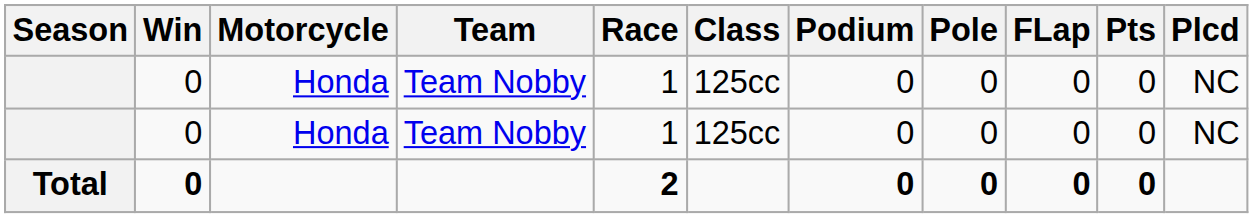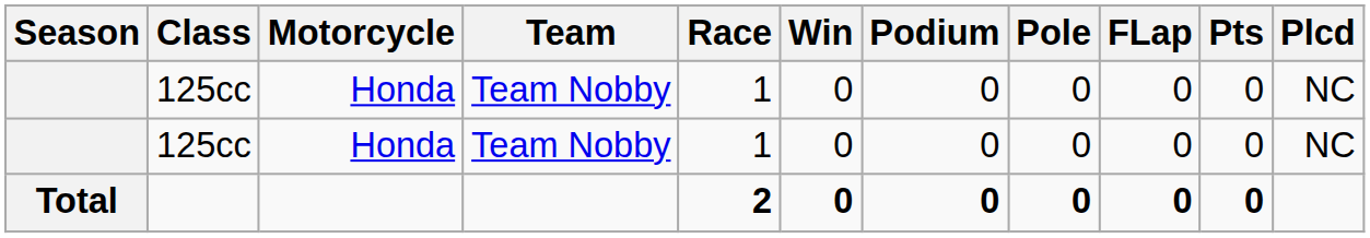 <table class="wikitable" style=text-align:right>
 <tr>
 <th>Season</th>
-<th>Win</th>
+<th>Class</th>
 <th>Motorcycle</th>
 <th>Team</th>
 <th>Race</th>
-<th>Class</th>
+<th>Win</th>
 <th>Podium</th>
 <th>Pole</th>
 <th>FLap</th>
 <th>Pts</th>
 <th>Plcd</th>
 </tr>
 <tr>
 <th></th>
-<td>0</td>
+<td>125cc</td>
 <td><a href='#'>Honda</a></td>
 <td><a href='#'>Team Nobby</a></td>
 <td>1</td>
-<td>125cc</td>
+<td>0</td>
 <td>0</td>
 <td>0</td>
 <td>0</td>
 <td>0</td>
 <td>NC</td>
 </tr>
 <tr>
 <th></th>
-<td>0</td>
+<td>125cc</td>
 <td><a href='#'>Honda</a></td>
 <td><a href='#'>Team Nobby</a></td>
 <td>1</td>
-<td>125cc</td>
+<td>0</td>
 <td>0</td>
 <td>0</td>
 <td>0</td>
 <td>0</td>
 <td>NC</td>
 </tr>
 <tr>
 <th>Total</th>
-<td><strong>0</strong></td>
+<td></td>
 <td></td>
 <td></td>
 <td><strong>2</strong></td>
-<td></td>
+<td><strong>0</strong></td>
 <td><strong>0</strong></td>
 <td><strong>0</strong></td>
 <td><strong>0</strong></td>
 <td><strong>0</strong></td>
 <td></td>
 </tr>
 </table>
